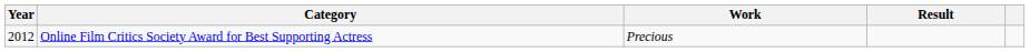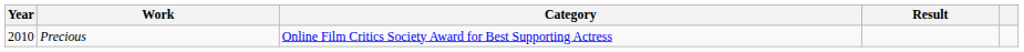 <table class="wikitable">
 <tr>
 <th scope="col" style="width:1em;">Year</th>
+<th scope="col" style="width:18em;">Work</th>
 <th scope="col" style="width:44em;">Category</th>
-<th scope="col" style="width:18em;">Work</th>
 <th scope="col" style="width:10em;">Result</th>
 <th class="unsortable" style="width:1em;"></th>
 </tr>
 <tr>
-<td>2012</td>
+<td>2010</td>
+<td><em>Precious</em></td>
 <td><a href='#'>Online Film Critics Society Award for Best Supporting Actress</a></td>
-<td><em>Precious</em></td>
 <td></td>
 <td></td>
 </tr>
 </table>
